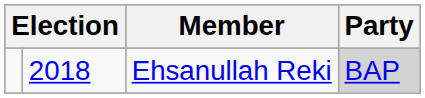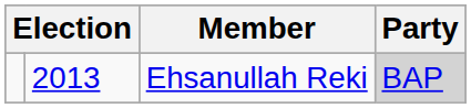 <table class="wikitable">
 <tr>
 <th colspan="2">Election</th>
 <th>Member</th>
 <th>Party</th>
 </tr>
 <tr>
 <td style="background-color: "></td>
-<td><a href='#'>2018</a></td>
+<td><a href='#'>2013</a></td>
 <td><a href='#'>Ehsanullah Reki</a></td>
 <td style="background: lightgrey;"><a href='#'>BAP</a></td>
 </tr>
 </table>
